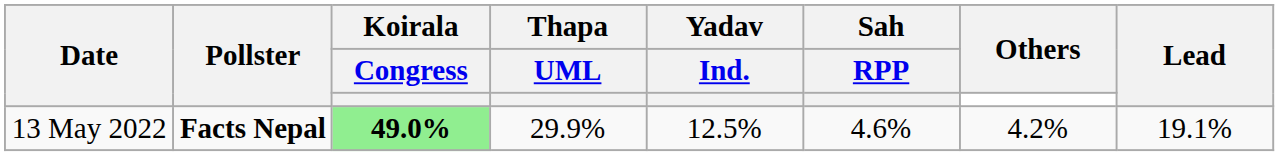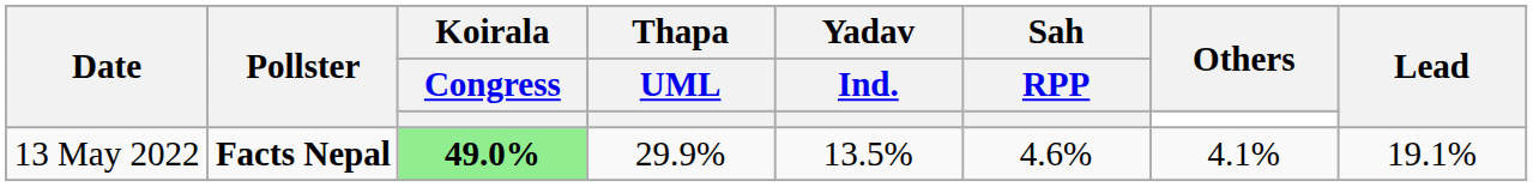 <table class="wikitable sortable" style="text-align:center;font-size:95%;line-height:16px">
 <tr>
 <th rowspan="3">Date</th>
 <th rowspan="3">Pollster</th>
 <th style="width:75px;">Koirala</th>
 <th style="width:75px;">Thapa</th>
 <th style="width:75px;">Yadav</th>
 <th style="width:75px;">Sah</th>
 <th style="width:75px;" rowspan="2">Others</th>
 <th style="width:75px;" rowspan="3">Lead</th>
 </tr>
 <tr>
 <th><a href='#'>Congress</a></th>
 <th><a href='#'>UML</a></th>
 <th><a href='#'>Ind.</a></th>
 <th><a href='#'>RPP</a></th>
 </tr>
 <tr>
 <th style="background:"></th>
 <th style="background:"></th>
 <th style="background:"></th>
 <th style="background:"></th>
 <th style="background:white"></th>
 </tr>
 <tr>
 <td>13 May 2022</td>
 <td><strong>Facts Nepal</strong></td>
 <td style="background:lightgreen;"><strong>49.0%</strong></td>
 <td>29.9%</td>
-<td>12.5%</td>
+<td>13.5%</td>
 <td>4.6%</td>
-<td>4.2%</td>
+<td>4.1%</td>
 <td style="background:">19.1%</td>
 </tr>
 </table>
